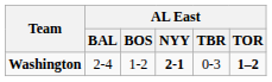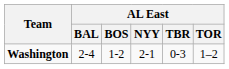 <table class="wikitable" style="text-align:center; font-size: 95%;">
 <tr>
 <th rowspan=2>Team</th>
 <th colspan=5>AL East</th>
 </tr>
 <tr>
 <th><strong>BAL</strong></th>
 <th><strong>BOS</strong></th>
 <th><strong>NYY</strong></th>
 <th><strong>TBR</strong></th>
 <th><strong>TOR</strong></th>
 </tr>
 <tr>
 <td><strong>Washington</strong></td>
 <td>2-4</td>
 <td>1-2</td>
-<td><strong>2-1</strong></td>
+<td>2-1</td>
 <td>0-3</td>
-<td><strong>1–2</strong></td>
+<td>1–2</td>
 </tr>
 </table>
